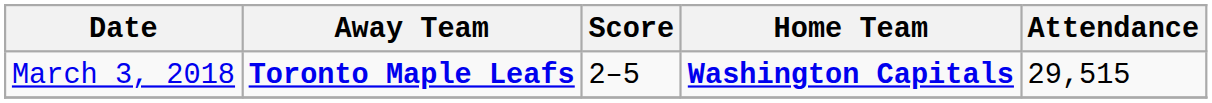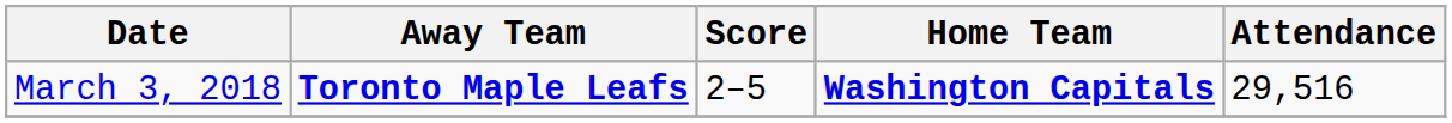 <table class="wikitable">
 <tr>
 <th>Date</th>
 <th>Away Team</th>
 <th>Score</th>
 <th>Home Team</th>
 <th>Attendance</th>
 </tr>
 <tr>
 <td><a href='#'>March 3, 2018</a></td>
 <td><strong><a href='#'>Toronto Maple Leafs</a></strong></td>
 <td>2–5</td>
 <td><strong><a href='#'>Washington Capitals</a></strong></td>
-<td>29,515</td>
+<td>29,516</td>
 </tr>
 <tr>
 </tr>
 </table>
